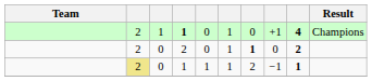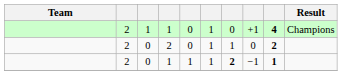 <table class="wikitable" style="text-align:center;">
 <tr>
 <th width=165>Team</th>
 <th width=25></th>
 <th width=25></th>
 <th width=25></th>
 <th width=25></th>
 <th width=25></th>
 <th width=25></th>
 <th width=25></th>
 <th width=25></th>
 <th>Result</th>
 </tr>
 <tr bgcolor="#ccffcc">
 <td style="text-align:left;"></td>
 <td>2</td>
 <td>1</td>
-<td><strong>1</strong></td>
+<td>1</td>
 <td>0</td>
 <td>1</td>
 <td>0</td>
 <td>+1</td>
 <td><strong>4</strong></td>
 <td>Champions</td>
 </tr>
 <tr>
 <td style="text-align:left;"></td>
 <td>2</td>
 <td>0</td>
 <td>2</td>
 <td>0</td>
 <td>1</td>
-<td><strong>1</strong></td>
+<td>1</td>
 <td>0</td>
 <td><strong>2</strong></td>
 <td></td>
 </tr>
 <tr>
 <td style="text-align:left;"></td>
-<td style="background: khaki;">2</td>
+<td>2</td>
 <td>0</td>
 <td>1</td>
 <td>1</td>
 <td>1</td>
-<td>2</td>
+<td><strong>2</strong></td>
 <td>−1</td>
 <td><strong>1</strong></td>
 <td></td>
 </tr>
 <tr>
 </tr>
 </table>
